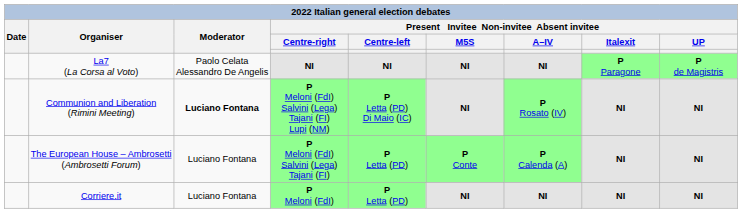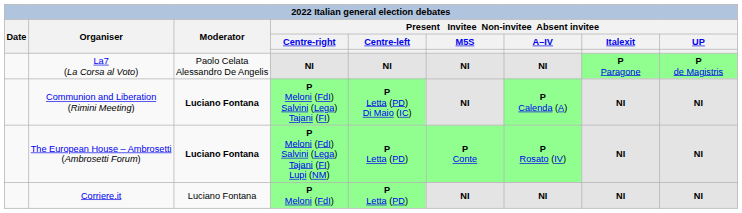 <table class="wikitable" style="font-size:87%; text-align:center;">
 <tr>
 <th style="background:#B0C4DE" colspan="12">2022 Italian general election debates</th>
 </tr>
 <tr>
 <th rowspan="3">Date</th>
 <th rowspan="3">Organiser</th>
 <th rowspan="3">Moderator</th>
 <th colspan="9"> Present    Invitee  Non-invitee   Absent invitee </th>
 </tr>
 <tr>
 <th scope="col" style="width:8em;"><a href='#'>Centre-right</a></th>
 <th scope="col" style="width:8em;"><a href='#'>Centre-left</a></th>
 <th scope="col" style="width:8em;"><a href='#'>M5S</a></th>
 <th scope="col" style="width:8em;"><a href='#'>A–IV</a></th>
 <th scope="col" style="width:8em;"><a href='#'>Italexit</a></th>
 <th scope="col" style="width:8em;"><a href='#'>UP</a></th>
 </tr>
 <tr>
 <th style="background:"></th>
 <th style="background:"></th>
 <th style="background:"></th>
 <th style="background:"></th>
 <th style="background:"></th>
 <th style="background:"></th>
 </tr>
 <tr>
 <td style="white-space:nowrap; text-align:center;"></td>
 <td style="white-space:nowrap; text-align:center;"><a href='#'>La7</a><br>(<em>La Corsa al Voto</em>)</td>
 <td style="white-space:nowrap; text-align:center;">Paolo Celata<br>Alessandro De Angelis</td>
 <td style="background:#E4E4E4;"><strong>NI</strong></td>
 <td style="background:#E4E4E4;"><strong>NI</strong></td>
 <td style="background:#E4E4E4;"><strong>NI</strong></td>
 <td style="background:#E4E4E4;"><strong>NI</strong></td>
 <td style="background:#90FF90;"><strong>P</strong><br><a href='#'>Paragone</a></td>
 <td style="background:#90FF90;"><strong>P</strong><br><a href='#'>de Magistris</a></td>
 </tr>
 <tr>
 <td style="white-space:nowrap; text-align:center;"></td>
 <td style="white-space:nowrap; text-align:center;"><a href='#'>Communion and Liberation</a><br>(<em>Rimini Meeting</em>)</td>
 <td style="white-space:nowrap; text-align:center;"><strong>Luciano Fontana</strong></td>
-<td style="background:#90FF90;"><strong>P</strong><br><a href='#'>Meloni</a> (<a href='#'>FdI</a>)<br><a href='#'>Salvini</a> (<a href='#'>Lega</a>)<br><a href='#'>Tajani</a> (<a href='#'>FI</a>)<br><a href='#'>Lupi</a> (<a href='#'>NM</a>)</td>
+<td style="background:#90FF90;"><strong>P</strong><br><a href='#'>Meloni</a> (<a href='#'>FdI</a>)<br><a href='#'>Salvini</a> (<a href='#'>Lega</a>)<br><a href='#'>Tajani</a> (<a href='#'>FI</a>)</td>
 <td style="background:#90FF90;"><strong>P</strong><br><a href='#'>Letta</a> (<a href='#'>PD</a>)<br><a href='#'>Di Maio</a> (<a href='#'>IC</a>)</td>
 <td style="background:#E4E4E4;"><strong>NI</strong></td>
-<td style="background:#90FF90;"><strong>P</strong><br><a href='#'>Rosato</a> (<a href='#'>IV</a>)</td>
+<td style="background:#90FF90;"><strong>P</strong><br><a href='#'>Calenda</a> (<a href='#'>A</a>)</td>
 <td style="background:#E4E4E4;"><strong>NI</strong></td>
 <td style="background:#E4E4E4;"><strong>NI</strong></td>
 </tr>
 <tr>
 <td style="white-space:nowrap; text-align:center;"></td>
 <td style="white-space:nowrap; text-align:center;"><a href='#'>The European House – Ambrosetti</a><br>(<em>Ambrosetti Forum</em>)</td>
-<td style="white-space:nowrap; text-align:center;">Luciano Fontana</td>
-<td style="background:#90FF90;"><strong>P</strong><br><a href='#'>Meloni</a> (<a href='#'>FdI</a>)<br><a href='#'>Salvini</a> (<a href='#'>Lega</a>)<br><a href='#'>Tajani</a> (<a href='#'>FI</a>)</td>
+<td style="white-space:nowrap; text-align:center;"><strong>Luciano Fontana</strong></td>
+<td style="background:#90FF90;"><strong>P</strong><br><a href='#'>Meloni</a> (<a href='#'>FdI</a>)<br><a href='#'>Salvini</a> (<a href='#'>Lega</a>)<br><a href='#'>Tajani</a> (<a href='#'>FI</a>)<br><a href='#'>Lupi</a> (<a href='#'>NM</a>)</td>
 <td style="background:#90FF90;"><strong>P</strong><br><a href='#'>Letta</a> (<a href='#'>PD</a>)</td>
 <td style="background:#90FF90;"><strong>P</strong><br><a href='#'>Conte</a></td>
-<td style="background:#90FF90;"><strong>P</strong><br><a href='#'>Calenda</a> (<a href='#'>A</a>)</td>
+<td style="background:#90FF90;"><strong>P</strong><br><a href='#'>Rosato</a> (<a href='#'>IV</a>)</td>
 <td style="background:#E4E4E4;"><strong>NI</strong></td>
 <td style="background:#E4E4E4;"><strong>NI</strong></td>
 </tr>
 <tr>
 <td></td>
 <td><a href='#'>Corriere.it</a></td>
 <td style="white-space:nowrap; text-align:center;">Luciano Fontana</td>
 <td style="background:#90FF90;"><strong>P</strong><br><a href='#'>Meloni</a> (<a href='#'>FdI</a>)</td>
 <td style="background:#90FF90;"><strong>P</strong><br><a href='#'>Letta</a> (<a href='#'>PD</a>)</td>
 <td style="background:#E4E4E4;"><strong>NI</strong></td>
 <td style="background:#E4E4E4;"><strong>NI</strong></td>
 <td style="background:#E4E4E4;"><strong>NI</strong></td>
 <td style="background:#E4E4E4;"><strong>NI</strong></td>
 </tr>
 </table>
